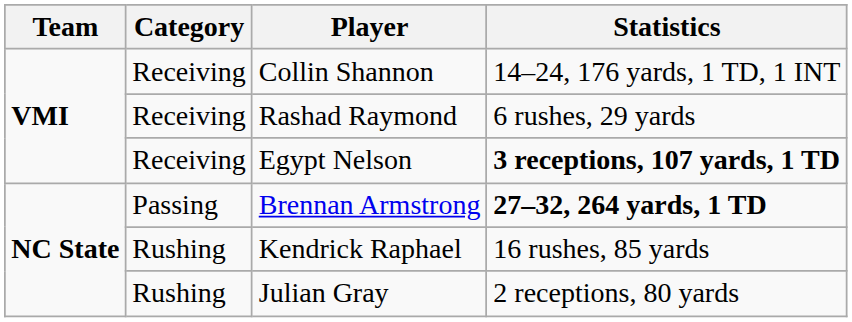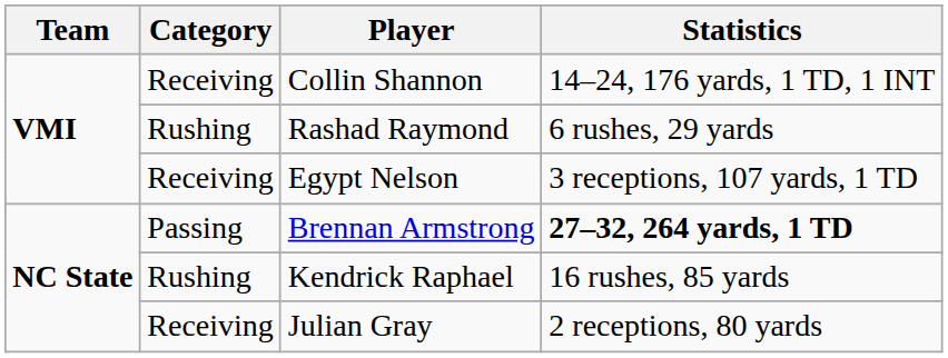 <table class="wikitable" style="float: left;">
 <tr>
 <th>Team</th>
 <th>Category</th>
 <th>Player</th>
 <th>Statistics</th>
 </tr>
 <tr>
 <td rowspan=3><strong>VMI</strong></td>
 <td>Receiving</td>
 <td>Collin Shannon</td>
 <td>14–24, 176 yards, 1 TD, 1 INT</td>
 </tr>
 <tr>
-<td>Receiving</td>
+<td>Rushing</td>
 <td>Rashad Raymond</td>
 <td>6 rushes, 29 yards</td>
 </tr>
 <tr>
 <td>Receiving</td>
 <td>Egypt Nelson</td>
-<td><strong>3 receptions, 107 yards, 1 TD</strong></td>
+<td>3 receptions, 107 yards, 1 TD</td>
 </tr>
 <tr>
 <td rowspan=3><strong>NC State</strong></td>
 <td>Passing</td>
 <td><a href='#'>Brennan Armstrong</a></td>
 <td><strong>27–32, 264 yards, 1 TD</strong></td>
 </tr>
 <tr>
 <td>Rushing</td>
 <td>Kendrick Raphael</td>
 <td>16 rushes, 85 yards</td>
 </tr>
 <tr>
-<td>Rushing</td>
+<td>Receiving</td>
 <td>Julian Gray</td>
 <td>2 receptions, 80 yards</td>
 </tr>
 </table>
